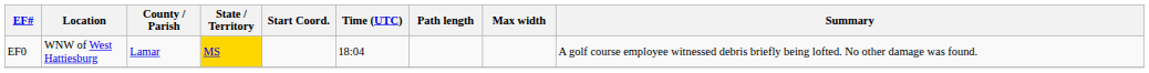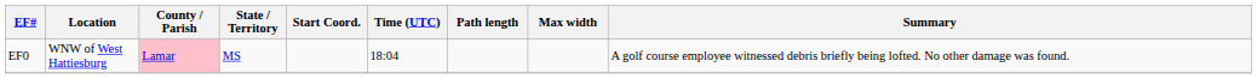 <table class="wikitable sortable" style="width:100%;">
 <tr>
 <th scope="col"  style="width:3%; text-align:center;"><a href='#'>EF#</a></th>
 <th scope="col"  style="width:7%; text-align:center;" class="unsortable">Location</th>
 <th scope="col"  style="width:6%; text-align:center;" class="unsortable">County / Parish</th>
 <th scope="col"  style="width:5%; text-align:center;">State / Territory</th>
 <th scope="col"  style="width:6%; text-align:center;">Start Coord.</th>
 <th scope="col"  style="width:6%; text-align:center;">Time (<a href='#'>UTC</a>)</th>
 <th scope="col"  style="width:6%; text-align:center;">Path length</th>
 <th scope="col"  style="width:6%; text-align:center;">Max width</th>
 <th scope="col" class="unsortable" style="width:48%; text-align:center;">Summary</th>
 </tr>
 <tr>
 <td>EF0</td>
 <td>WNW of <a href='#'>West Hattiesburg</a></td>
-<td><a href='#'>Lamar</a></td>
-<td style="background: gold;"><a href='#'>MS</a></td>
+<td style="background: pink;"><a href='#'>Lamar</a></td>
+<td><a href='#'>MS</a></td>
 <td></td>
 <td>18:04</td>
 <td></td>
 <td></td>
 <td>A golf course employee witnessed debris briefly being lofted. No other damage was found.</td>
 </tr>
 <tr>
 </tr>
 </table>
